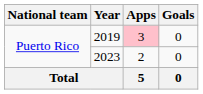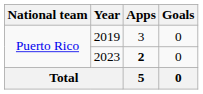 <table class="wikitable" style="text-align:center">
 <tr>
 <th>National team</th>
 <th>Year</th>
 <th>Apps</th>
 <th>Goals</th>
 </tr>
 <tr>
 <td rowspan="2"><a href='#'>Puerto Rico</a></td>
 <td>2019</td>
-<td style="background: pink;">3</td>
+<td>3</td>
 <td>0</td>
 </tr>
 <tr>
 <td>2023</td>
-<td>2</td>
+<td><strong>2</strong></td>
 <td>0</td>
 </tr>
 <tr>
 <th colspan="2">Total</th>
 <th>5</th>
 <th>0</th>
 </tr>
 </table>
